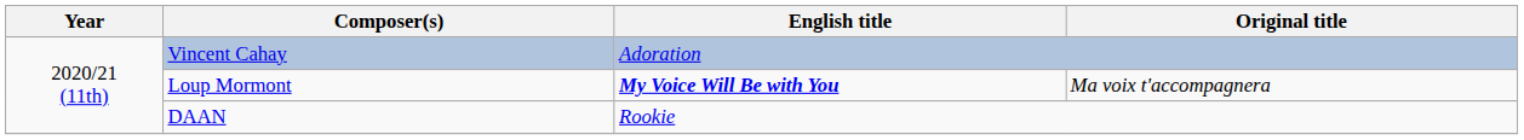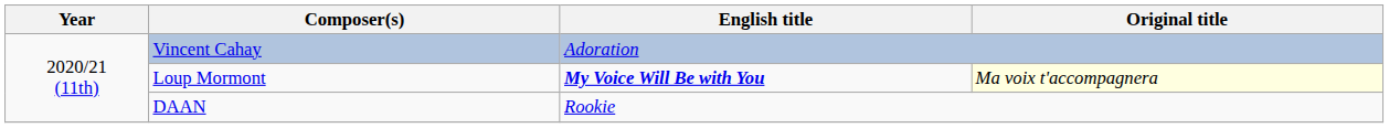 <table class="wikitable" width="95%" cellpadding="5">
 <tr>
 <th width="100"><strong>Year</strong></th>
 <th width="300"><strong>Composer(s)</strong></th>
 <th width="300"><strong>English title</strong></th>
 <th width="300"><strong>Original title</strong></th>
 </tr>
 <tr>
 <td rowspan="3" style="text-align:center;">2020/21<br><a href='#'>(11th)</a></td>
 <td style="background:#B0C4DE;"><a href='#'>Vincent Cahay</a></td>
 <td style="background:#B0C4DE;" colspan="2"><em><a href='#'>Adoration</a></em></td>
 </tr>
 <tr>
 <td><a href='#'>Loup Mormont</a></td>
 <td><strong><em><a href='#'>My Voice Will Be with You</a></em></strong></td>
-<td><em>Ma voix t'accompagnera</em></td>
+<td style="background: lightyellow;"><em>Ma voix t'accompagnera</em></td>
 </tr>
 <tr>
 <td><a href='#'>DAAN</a></td>
 <td colspan="2"><em><a href='#'>Rookie</a></em></td>
 </tr>
 <tr>
 </tr>
 </table>
